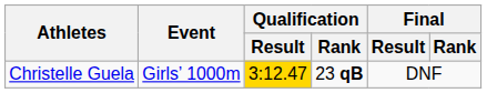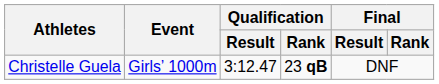 <table class="wikitable" border="1" style="font-size:90%">
 <tr>
 <th rowspan=2>Athletes</th>
 <th rowspan=2>Event</th>
 <th colspan=2>Qualification</th>
 <th colspan=2>Final</th>
 </tr>
 <tr>
 <th>Result</th>
 <th>Rank</th>
 <th>Result</th>
 <th>Rank</th>
 </tr>
 <tr>
 <td><a href='#'>Christelle Guela</a></td>
 <td><a href='#'>Girls’ 1000m</a></td>
-<td align=center style="background: gold;">3:12.47</td>
+<td align=center>3:12.47</td>
 <td align=center>23 <strong>qB</strong></td>
 <td align=center colspan=2>DNF</td>
 </tr>
 </table>
